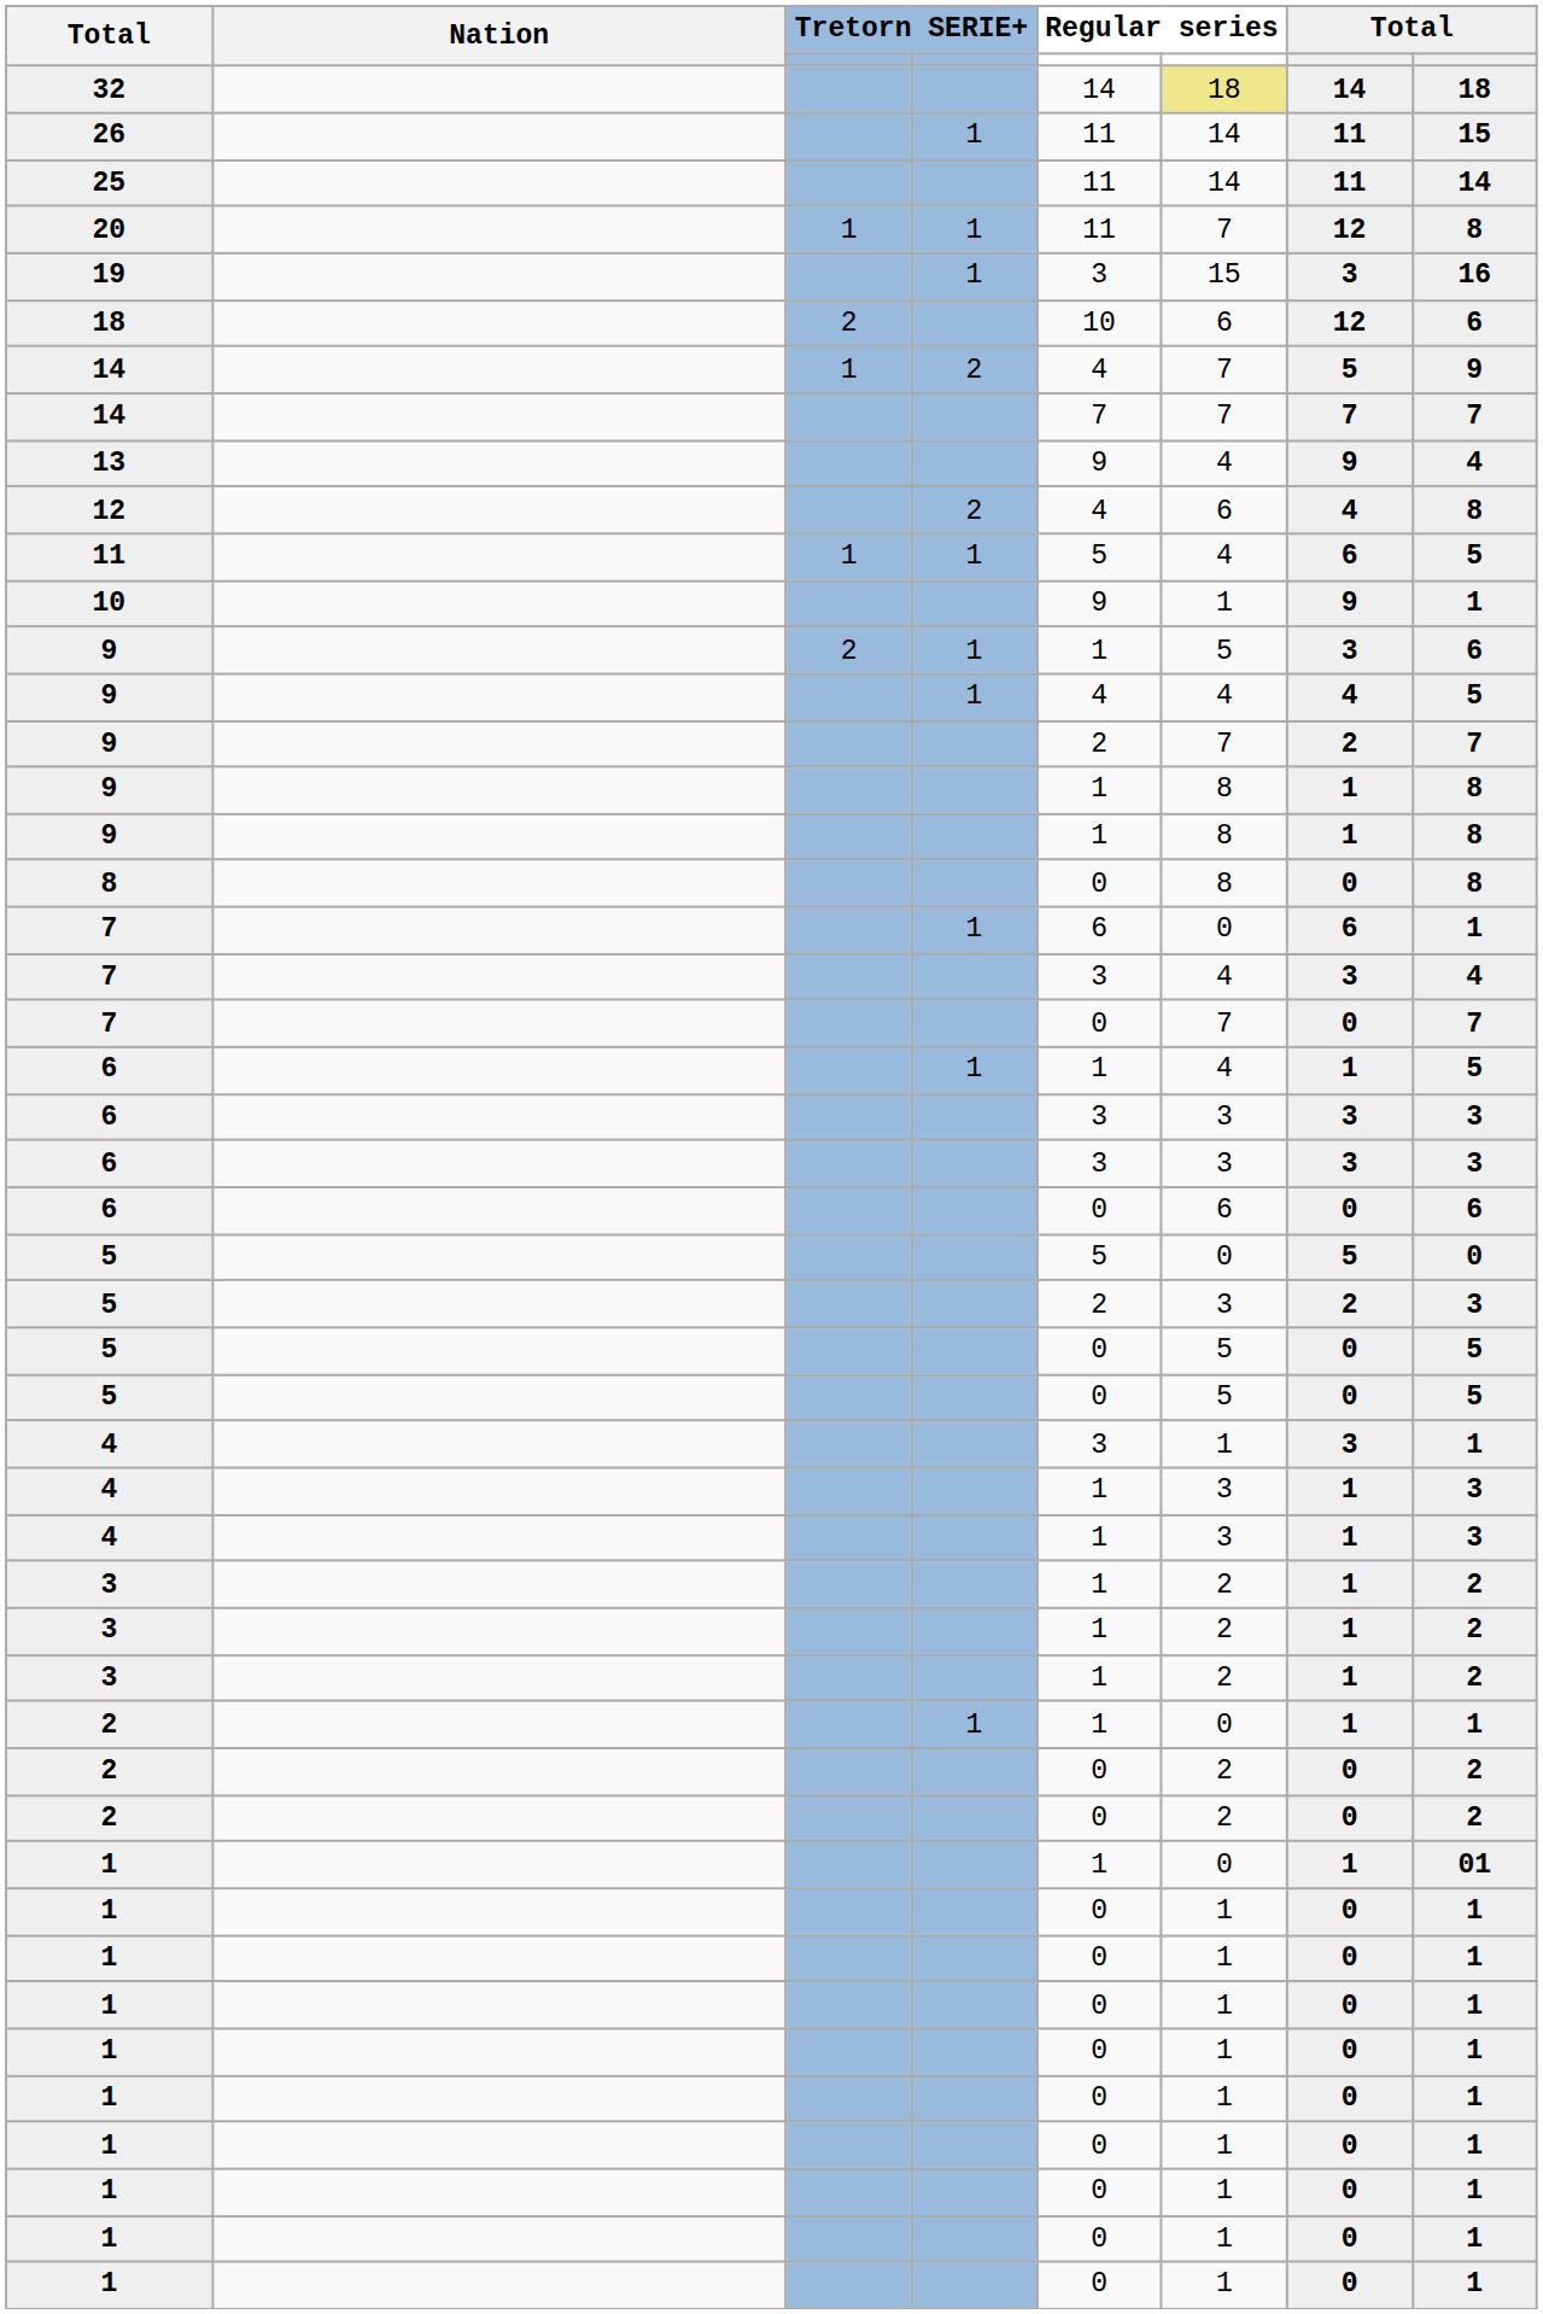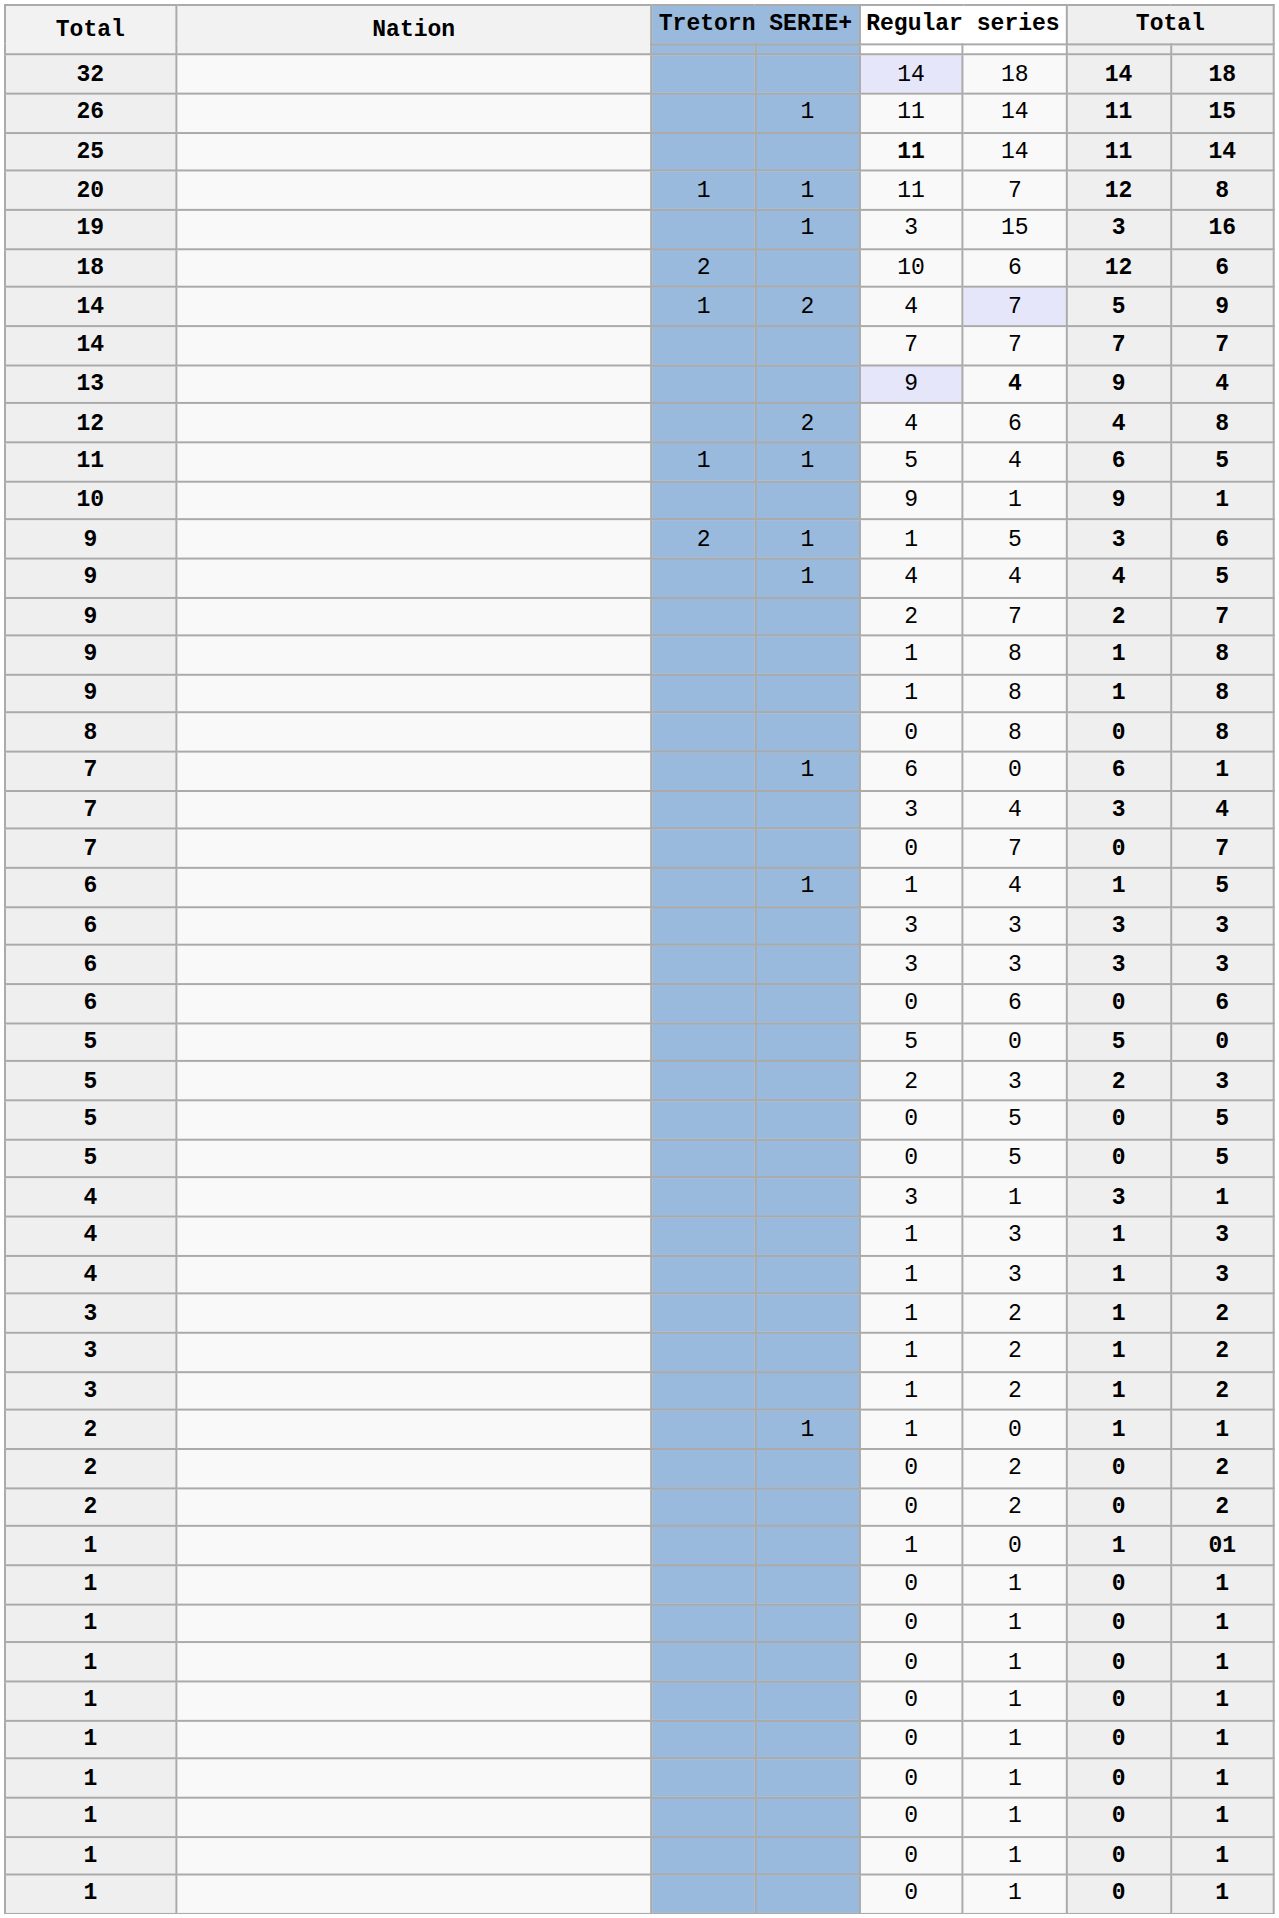 <table class="sortable wikitable" style="font-size:90%;">
 <tr>
 <th style="width:81px;" rowspan="2">Total</th>
 <th style="width:236px;" rowspan="2">Nation</th>
 <th style="background-color:#99badd;" colspan="2">Tretorn SERIE+</th>
 <th style="background-color:#ffffff;" colspan="2">Regular series</th>
 <th style="background-color:#efefef;" colspan="3">Total</th>
 </tr>
 <tr>
 <th style="width:47px; background-color:#99badd;"></th>
 <th style="width:47px; background-color:#99badd;"></th>
 <th style="width:47px; background-color:#ffffff;"></th>
 <th style="width:47px; background-color:#ffffff;"></th>
 <th style="width:47px; background-color:#efefef;"></th>
 <th style="width:47px; background-color:#efefef;"></th>
 </tr>
 <tr align=center>
 <td bgcolor=#efefef><strong>32</strong></td>
 <td align=left></td>
 <td bgcolor="#99BADD"></td>
 <td bgcolor="#99BADD"></td>
-<td>14</td>
-<td style="background: khaki;">18</td>
+<td style="background: lavender;">14</td>
+<td>18</td>
 <td bgcolor=#efefef><strong>14</strong></td>
 <td bgcolor=#efefef><strong>18</strong></td>
 </tr>
 <tr align=center>
 <td bgcolor=#efefef><strong>26</strong></td>
 <td align=left></td>
 <td bgcolor="#99BADD"></td>
 <td bgcolor="#99BADD">1</td>
 <td>11</td>
 <td>14</td>
 <td bgcolor=#efefef><strong>11</strong></td>
 <td bgcolor=#efefef><strong>15</strong></td>
 </tr>
 <tr align=center>
 <td bgcolor=#efefef><strong>25</strong></td>
 <td align=left></td>
 <td bgcolor="#99BADD"></td>
 <td bgcolor="#99BADD"></td>
-<td>11</td>
+<td><strong>11</strong></td>
 <td>14</td>
 <td bgcolor=#efefef><strong>11</strong></td>
 <td bgcolor=#efefef><strong>14</strong></td>
 </tr>
 <tr align=center>
 <td bgcolor=#efefef><strong>20</strong></td>
 <td align=left></td>
 <td bgcolor="#99BADD">1</td>
 <td bgcolor="#99BADD">1</td>
 <td>11</td>
 <td>7</td>
 <td bgcolor=#efefef><strong>12</strong></td>
 <td bgcolor=#efefef><strong>8</strong></td>
 </tr>
 <tr align=center>
 <td bgcolor=#efefef><strong>19</strong></td>
 <td align=left></td>
 <td bgcolor="#99BADD"></td>
 <td bgcolor="#99BADD">1</td>
 <td>3</td>
 <td>15</td>
 <td bgcolor=#efefef><strong>3</strong></td>
 <td bgcolor=#efefef><strong>16</strong></td>
 </tr>
 <tr align=center>
 <td bgcolor=#efefef><strong>18</strong></td>
 <td align=left></td>
 <td bgcolor="#99BADD">2</td>
 <td bgcolor="#99BADD"></td>
 <td>10</td>
 <td>6</td>
 <td bgcolor=#efefef><strong>12</strong></td>
 <td bgcolor=#efefef><strong>6</strong></td>
 </tr>
 <tr align=center>
 <td bgcolor=#efefef><strong>14</strong></td>
 <td align=left></td>
 <td bgcolor="#99BADD">1</td>
 <td bgcolor="#99BADD">2</td>
 <td>4</td>
-<td>7</td>
+<td style="background: lavender;">7</td>
 <td bgcolor=#efefef><strong>5</strong></td>
 <td bgcolor=#efefef><strong>9</strong></td>
 </tr>
 <tr align=center>
 <td bgcolor=#efefef><strong>14</strong></td>
 <td align=left></td>
 <td bgcolor="#99BADD"></td>
 <td bgcolor="#99BADD"></td>
 <td>7</td>
 <td>7</td>
 <td bgcolor=#efefef><strong>7</strong></td>
 <td bgcolor=#efefef><strong>7</strong></td>
 </tr>
 <tr align=center>
 <td bgcolor=#efefef><strong>13</strong></td>
 <td align=left></td>
 <td bgcolor="#99BADD"></td>
 <td bgcolor="#99BADD"></td>
-<td>9</td>
-<td>4</td>
+<td style="background: lavender;">9</td>
+<td><strong>4</strong></td>
 <td bgcolor=#efefef><strong>9</strong></td>
 <td bgcolor=#efefef><strong>4</strong></td>
 </tr>
 <tr align=center>
 <td bgcolor=#efefef><strong>12</strong></td>
 <td align=left></td>
 <td bgcolor="#99BADD"></td>
 <td bgcolor="#99BADD">2</td>
 <td>4</td>
 <td>6</td>
 <td bgcolor=#efefef><strong>4</strong></td>
 <td bgcolor=#efefef><strong>8</strong></td>
 </tr>
 <tr align=center>
 <td bgcolor=#efefef><strong>11</strong></td>
 <td align=left></td>
 <td bgcolor="#99BADD">1</td>
 <td bgcolor="#99BADD">1</td>
 <td>5</td>
 <td>4</td>
 <td bgcolor=#efefef><strong>6</strong></td>
 <td bgcolor=#efefef><strong>5</strong></td>
 </tr>
 <tr align=center>
 <td bgcolor=#efefef><strong>10</strong></td>
 <td align=left></td>
 <td bgcolor="#99BADD"></td>
 <td bgcolor="#99BADD"></td>
 <td>9</td>
 <td>1</td>
 <td bgcolor=#efefef><strong>9</strong></td>
 <td bgcolor=#efefef><strong>1</strong></td>
 </tr>
 <tr align=center>
 <td bgcolor=#efefef><strong>9</strong></td>
 <td align=left></td>
 <td bgcolor="#99BADD">2</td>
 <td bgcolor="#99BADD">1</td>
 <td>1</td>
 <td>5</td>
 <td bgcolor=#efefef><strong>3</strong></td>
 <td bgcolor=#efefef><strong>6</strong></td>
 </tr>
 <tr align=center>
 <td bgcolor=#efefef><strong>9</strong></td>
 <td align=left></td>
 <td bgcolor="#99BADD"></td>
 <td bgcolor="#99BADD">1</td>
 <td>4</td>
 <td>4</td>
 <td bgcolor=#efefef><strong>4</strong></td>
 <td bgcolor=#efefef><strong>5</strong></td>
 </tr>
 <tr align=center>
 <td bgcolor=#efefef><strong>9</strong></td>
 <td align=left></td>
 <td bgcolor="#99BADD"></td>
 <td bgcolor="#99BADD"></td>
 <td>2</td>
 <td>7</td>
 <td bgcolor=#efefef><strong>2</strong></td>
 <td bgcolor=#efefef><strong>7</strong></td>
 </tr>
 <tr align=center>
 <td bgcolor=#efefef><strong>9</strong></td>
 <td align=left></td>
 <td bgcolor="#99BADD"></td>
 <td bgcolor="#99BADD"></td>
 <td>1</td>
 <td>8</td>
 <td bgcolor=#efefef><strong>1</strong></td>
 <td bgcolor=#efefef><strong>8</strong></td>
 </tr>
 <tr align=center>
 <td bgcolor=#efefef><strong>9</strong></td>
 <td align=left></td>
 <td bgcolor="#99BADD"></td>
 <td bgcolor="#99BADD"></td>
 <td>1</td>
 <td>8</td>
 <td bgcolor=#efefef><strong>1</strong></td>
 <td bgcolor=#efefef><strong>8</strong></td>
 </tr>
 <tr align=center>
 <td bgcolor=#efefef><strong>8</strong></td>
 <td align=left></td>
 <td bgcolor="#99BADD"></td>
 <td bgcolor="#99BADD"></td>
 <td>0</td>
 <td>8</td>
 <td bgcolor=#efefef><strong>0</strong></td>
 <td bgcolor=#efefef><strong>8</strong></td>
 </tr>
 <tr align=center>
 <td bgcolor=#efefef><strong>7</strong></td>
 <td align=left></td>
 <td bgcolor="#99BADD"></td>
 <td bgcolor="#99BADD">1</td>
 <td>6</td>
 <td>0</td>
 <td bgcolor=#efefef><strong>6</strong></td>
 <td bgcolor=#efefef><strong>1</strong></td>
 </tr>
 <tr align=center>
 <td bgcolor=#efefef><strong>7</strong></td>
 <td align=left></td>
 <td bgcolor="#99BADD"></td>
 <td bgcolor="#99BADD"></td>
 <td>3</td>
 <td>4</td>
 <td bgcolor=#efefef><strong>3</strong></td>
 <td bgcolor=#efefef><strong>4</strong></td>
 </tr>
 <tr align=center>
 <td bgcolor=#efefef><strong>7</strong></td>
 <td align=left></td>
 <td bgcolor="#99BADD"></td>
 <td bgcolor="#99BADD"></td>
 <td>0</td>
 <td>7</td>
 <td bgcolor=#efefef><strong>0</strong></td>
 <td bgcolor=#efefef><strong>7</strong></td>
 </tr>
 <tr align=center>
 <td bgcolor=#efefef><strong>6</strong></td>
 <td align=left></td>
 <td bgcolor="#99BADD"></td>
 <td bgcolor="#99BADD">1</td>
 <td>1</td>
 <td>4</td>
 <td bgcolor=#efefef><strong>1</strong></td>
 <td bgcolor=#efefef><strong>5</strong></td>
 </tr>
 <tr align=center>
 <td bgcolor=#efefef><strong>6</strong></td>
 <td align=left></td>
 <td bgcolor="#99BADD"></td>
 <td bgcolor="#99BADD"></td>
 <td>3</td>
 <td>3</td>
 <td bgcolor=#efefef><strong>3</strong></td>
 <td bgcolor=#efefef><strong>3</strong></td>
 </tr>
 <tr align=center>
 <td bgcolor=#efefef><strong>6</strong></td>
 <td align=left></td>
 <td bgcolor="#99BADD"></td>
 <td bgcolor="#99BADD"></td>
 <td>3</td>
 <td>3</td>
 <td bgcolor=#efefef><strong>3</strong></td>
 <td bgcolor=#efefef><strong>3</strong></td>
 </tr>
 <tr align=center>
 <td bgcolor=#efefef><strong>6</strong></td>
 <td align=left></td>
 <td bgcolor="#99BADD"></td>
 <td bgcolor="#99BADD"></td>
 <td>0</td>
 <td>6</td>
 <td bgcolor=#efefef><strong>0</strong></td>
 <td bgcolor=#efefef><strong>6</strong></td>
 </tr>
 <tr align=center>
 <td bgcolor=#efefef><strong>5</strong></td>
 <td align=left></td>
 <td bgcolor="#99BADD"></td>
 <td bgcolor="#99BADD"></td>
 <td>5</td>
 <td>0</td>
 <td bgcolor=#efefef><strong>5</strong></td>
 <td bgcolor=#efefef><strong>0</strong></td>
 </tr>
 <tr align=center>
 <td bgcolor=#efefef><strong>5</strong></td>
 <td align=left></td>
 <td bgcolor="#99BADD"></td>
 <td bgcolor="#99BADD"></td>
 <td>2</td>
 <td>3</td>
 <td bgcolor=#efefef><strong>2</strong></td>
 <td bgcolor=#efefef><strong>3</strong></td>
 </tr>
 <tr align=center>
 <td bgcolor=#efefef><strong>5</strong></td>
 <td align=left></td>
 <td bgcolor="#99BADD"></td>
 <td bgcolor="#99BADD"></td>
 <td>0</td>
 <td>5</td>
 <td bgcolor=#efefef><strong>0</strong></td>
 <td bgcolor=#efefef><strong>5</strong></td>
 </tr>
 <tr align=center>
 <td bgcolor=#efefef><strong>5</strong></td>
 <td align=left></td>
 <td bgcolor="#99BADD"></td>
 <td bgcolor="#99BADD"></td>
 <td>0</td>
 <td>5</td>
 <td bgcolor=#efefef><strong>0</strong></td>
 <td bgcolor=#efefef><strong>5</strong></td>
 </tr>
 <tr align=center>
 <td bgcolor=#efefef><strong>4</strong></td>
 <td align=left></td>
 <td bgcolor="#99BADD"></td>
 <td bgcolor="#99BADD"></td>
 <td>3</td>
 <td>1</td>
 <td bgcolor=#efefef><strong>3</strong></td>
 <td bgcolor=#efefef><strong>1</strong></td>
 </tr>
 <tr align=center>
 <td bgcolor=#efefef><strong>4</strong></td>
 <td align=left></td>
 <td bgcolor="#99BADD"></td>
 <td bgcolor="#99BADD"></td>
 <td>1</td>
 <td>3</td>
 <td bgcolor=#efefef><strong>1</strong></td>
 <td bgcolor=#efefef><strong>3</strong></td>
 </tr>
 <tr align=center>
 <td bgcolor=#efefef><strong>4</strong></td>
 <td align=left></td>
 <td bgcolor="#99BADD"></td>
 <td bgcolor="#99BADD"></td>
 <td>1</td>
 <td>3</td>
 <td bgcolor=#efefef><strong>1</strong></td>
 <td bgcolor=#efefef><strong>3</strong></td>
 </tr>
 <tr align=center>
 <td bgcolor=#efefef><strong>3</strong></td>
 <td align=left></td>
 <td bgcolor="#99BADD"></td>
 <td bgcolor="#99BADD"></td>
 <td>1</td>
 <td>2</td>
 <td bgcolor=#efefef><strong>1</strong></td>
 <td bgcolor=#efefef><strong>2</strong></td>
 </tr>
 <tr align=center>
 <td bgcolor=#efefef><strong>3</strong></td>
 <td align=left></td>
 <td bgcolor="#99BADD"></td>
 <td bgcolor="#99BADD"></td>
 <td>1</td>
 <td>2</td>
 <td bgcolor=#efefef><strong>1</strong></td>
 <td bgcolor=#efefef><strong>2</strong></td>
 </tr>
 <tr align=center>
 <td bgcolor=#efefef><strong>3</strong></td>
 <td align=left></td>
 <td bgcolor="#99BADD"></td>
 <td bgcolor="#99BADD"></td>
 <td>1</td>
 <td>2</td>
 <td bgcolor=#efefef><strong>1</strong></td>
 <td bgcolor=#efefef><strong>2</strong></td>
 </tr>
 <tr align=center>
 <td bgcolor=#efefef><strong>2</strong></td>
 <td align=left></td>
 <td bgcolor="#99BADD"></td>
 <td bgcolor="#99BADD">1</td>
 <td>1</td>
 <td>0</td>
 <td bgcolor=#efefef><strong>1</strong></td>
 <td bgcolor=#efefef><strong>1</strong></td>
 </tr>
 <tr align=center>
 <td bgcolor=#efefef><strong>2</strong></td>
 <td align=left></td>
 <td bgcolor="#99BADD"></td>
 <td bgcolor="#99BADD"></td>
 <td>0</td>
 <td>2</td>
 <td bgcolor=#efefef><strong>0</strong></td>
 <td bgcolor=#efefef><strong>2</strong></td>
 </tr>
 <tr align=center>
 <td bgcolor=#efefef><strong>2</strong></td>
 <td align=left></td>
 <td bgcolor="#99BADD"></td>
 <td bgcolor="#99BADD"></td>
 <td>0</td>
 <td>2</td>
 <td bgcolor=#efefef><strong>0</strong></td>
 <td bgcolor=#efefef><strong>2</strong></td>
 </tr>
 <tr align=center>
 <td bgcolor=#efefef><strong>1</strong></td>
 <td align=left></td>
 <td bgcolor="#99BADD"></td>
 <td bgcolor="#99BADD"></td>
 <td>1</td>
 <td>0</td>
 <td bgcolor=#efefef><strong>1</strong></td>
 <td bgcolor=#efefef><strong>01</strong></td>
 </tr>
 <tr align=center>
 <td bgcolor=#efefef><strong>1</strong></td>
 <td align=left></td>
 <td bgcolor="#99BADD"></td>
 <td bgcolor="#99BADD"></td>
 <td>0</td>
 <td>1</td>
 <td bgcolor=#efefef><strong>0</strong></td>
 <td bgcolor=#efefef><strong>1</strong></td>
 </tr>
 <tr align=center>
 <td bgcolor=#efefef><strong>1</strong></td>
 <td align=left></td>
 <td bgcolor="#99BADD"></td>
 <td bgcolor="#99BADD"></td>
 <td>0</td>
 <td>1</td>
 <td bgcolor=#efefef><strong>0</strong></td>
 <td bgcolor=#efefef><strong>1</strong></td>
 </tr>
 <tr align=center>
 <td bgcolor=#efefef><strong>1</strong></td>
 <td align=left></td>
 <td bgcolor="#99BADD"></td>
 <td bgcolor="#99BADD"></td>
 <td>0</td>
 <td>1</td>
 <td bgcolor=#efefef><strong>0</strong></td>
 <td bgcolor=#efefef><strong>1</strong></td>
 </tr>
 <tr align=center>
 <td bgcolor=#efefef><strong>1</strong></td>
 <td align=left></td>
 <td bgcolor="#99BADD"></td>
 <td bgcolor="#99BADD"></td>
 <td>0</td>
 <td>1</td>
 <td bgcolor=#efefef><strong>0</strong></td>
 <td bgcolor=#efefef><strong>1</strong></td>
 </tr>
 <tr align=center>
 <td bgcolor=#efefef><strong>1</strong></td>
 <td align=left></td>
 <td bgcolor="#99BADD"></td>
 <td bgcolor="#99BADD"></td>
 <td>0</td>
 <td>1</td>
 <td bgcolor=#efefef><strong>0</strong></td>
 <td bgcolor=#efefef><strong>1</strong></td>
 </tr>
 <tr align=center>
 <td bgcolor=#efefef><strong>1</strong></td>
 <td align=left></td>
 <td bgcolor="#99BADD"></td>
 <td bgcolor="#99BADD"></td>
 <td>0</td>
 <td>1</td>
 <td bgcolor=#efefef><strong>0</strong></td>
 <td bgcolor=#efefef><strong>1</strong></td>
 </tr>
 <tr align=center>
 <td bgcolor=#efefef><strong>1</strong></td>
 <td align=left></td>
 <td bgcolor="#99BADD"></td>
 <td bgcolor="#99BADD"></td>
 <td>0</td>
 <td>1</td>
 <td bgcolor=#efefef><strong>0</strong></td>
 <td bgcolor=#efefef><strong>1</strong></td>
 </tr>
 <tr align=center>
 <td bgcolor=#efefef><strong>1</strong></td>
 <td align=left></td>
 <td bgcolor="#99BADD"></td>
 <td bgcolor="#99BADD"></td>
 <td>0</td>
 <td>1</td>
 <td bgcolor=#efefef><strong>0</strong></td>
 <td bgcolor=#efefef><strong>1</strong></td>
 </tr>
 <tr align=center>
 <td bgcolor=#efefef><strong>1</strong></td>
 <td align=left></td>
 <td bgcolor="#99BADD"></td>
 <td bgcolor="#99BADD"></td>
 <td>0</td>
 <td>1</td>
 <td bgcolor=#efefef><strong>0</strong></td>
 <td bgcolor=#efefef><strong>1</strong></td>
 </tr>
 </table>
